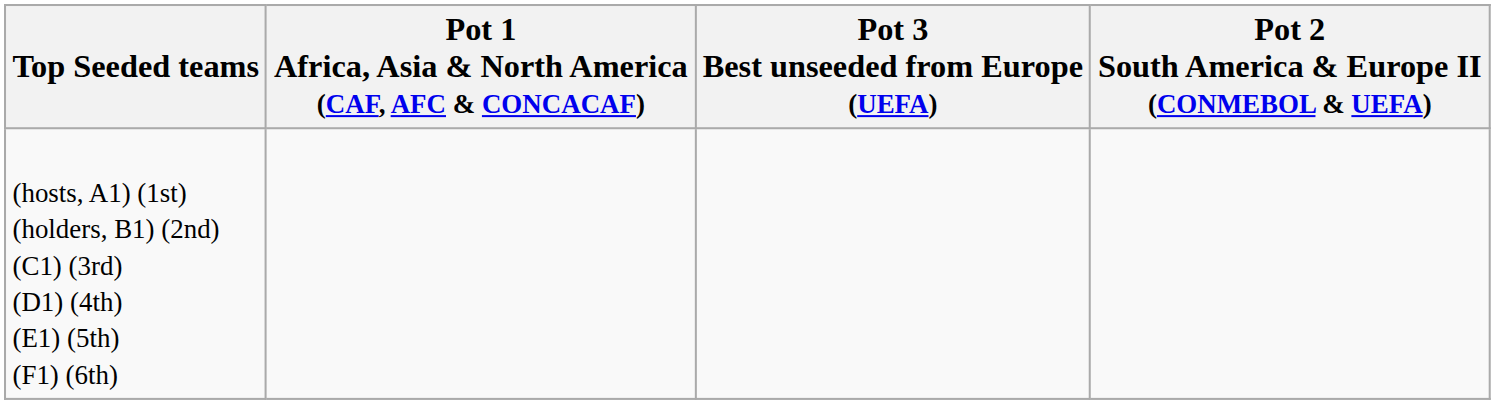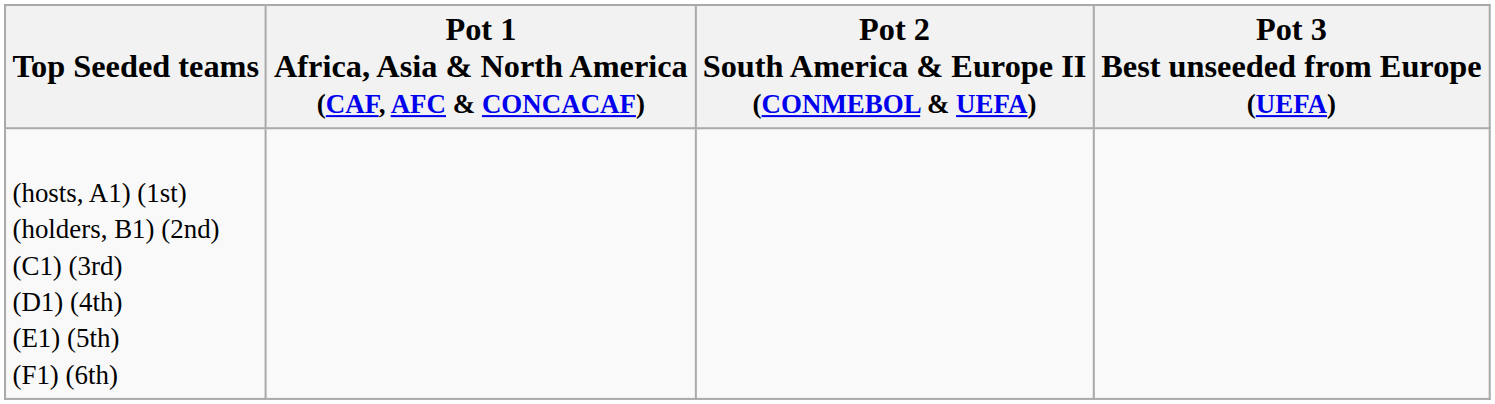 <table class="wikitable">
 <tr>
 <th>Top Seeded teams<br><small></small></th>
 <th>Pot 1<br>Africa, Asia & North America<br><small>(<a href='#'>CAF</a>, <a href='#'>AFC</a> & <a href='#'>CONCACAF</a>)</small></th>
+<th>Pot 2<br>South America & Europe II<br><small>(<a href='#'>CONMEBOL</a> & <a href='#'>UEFA</a>)</small></th>
 <th>Pot 3<br>Best unseeded from Europe<br><small>(<a href='#'>UEFA</a>)</small></th>
-<th>Pot 2<br>South America & Europe II<br><small>(<a href='#'>CONMEBOL</a> & <a href='#'>UEFA</a>)</small></th>
 </tr>
 <tr>
 <td><br> <small>(hosts, A1) (1st)</small><br>  <small>(holders, B1) (2nd)</small><br>  <small>(C1) (3rd)</small><br>  <small>(D1) (4th)</small><br>  <small>(E1) (5th)</small><br>  <small>(F1) (6th)</small></td>
 <td valign="top"><br><br> <br> <br> <br> <br> </td>
 <td><br><br> <br> <br> <br> <br> </td>
 <td><br><br> <br> <br> <br> <br> </td>
 </tr>
 </table>
